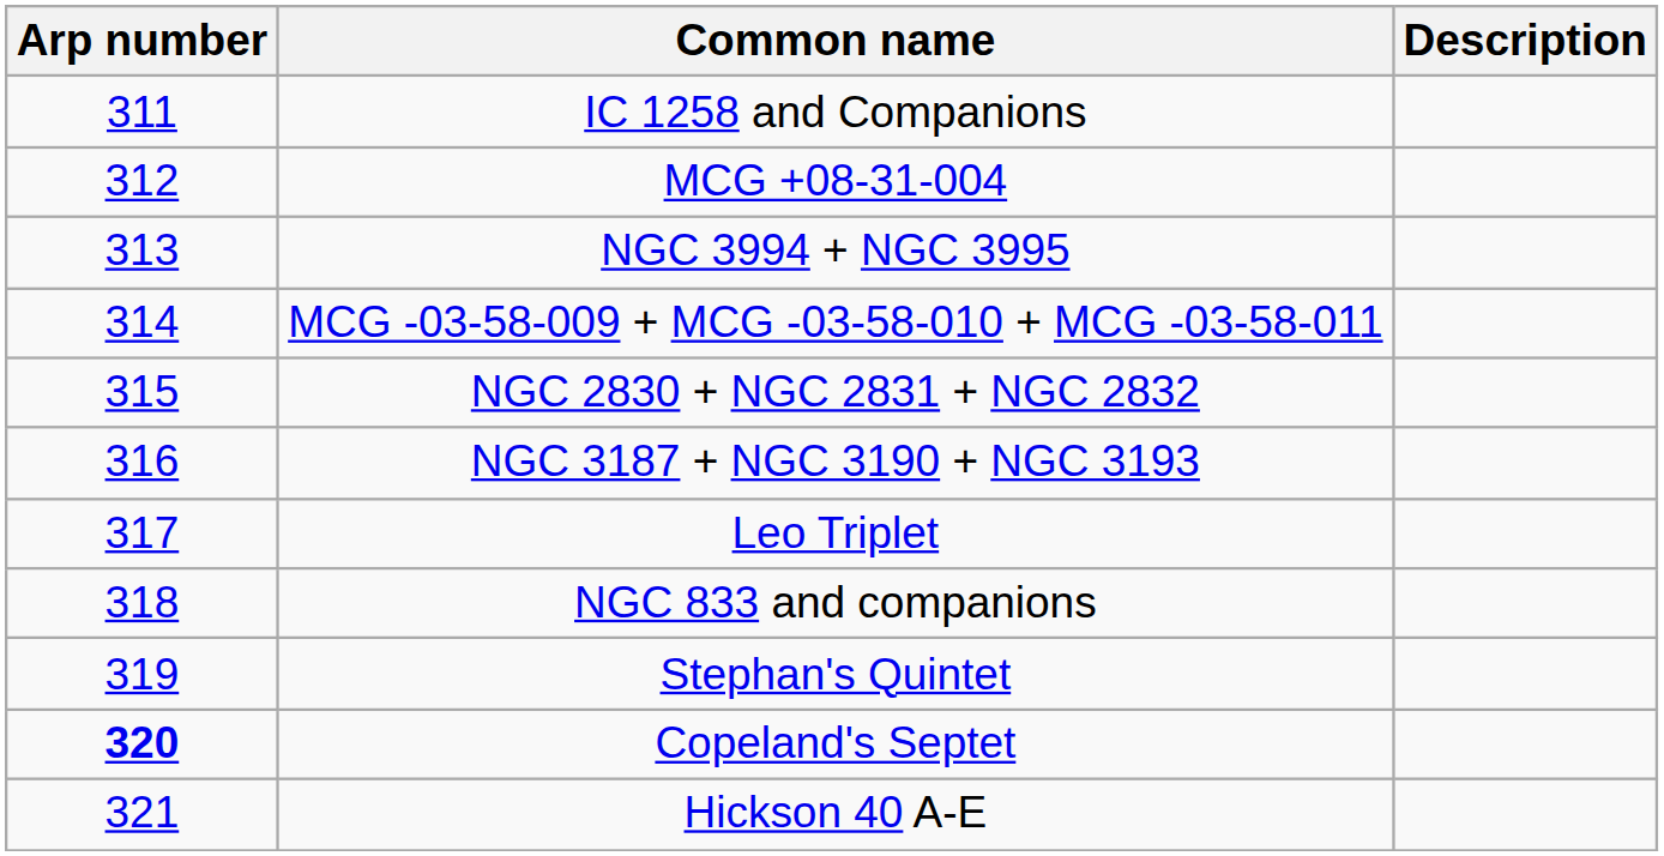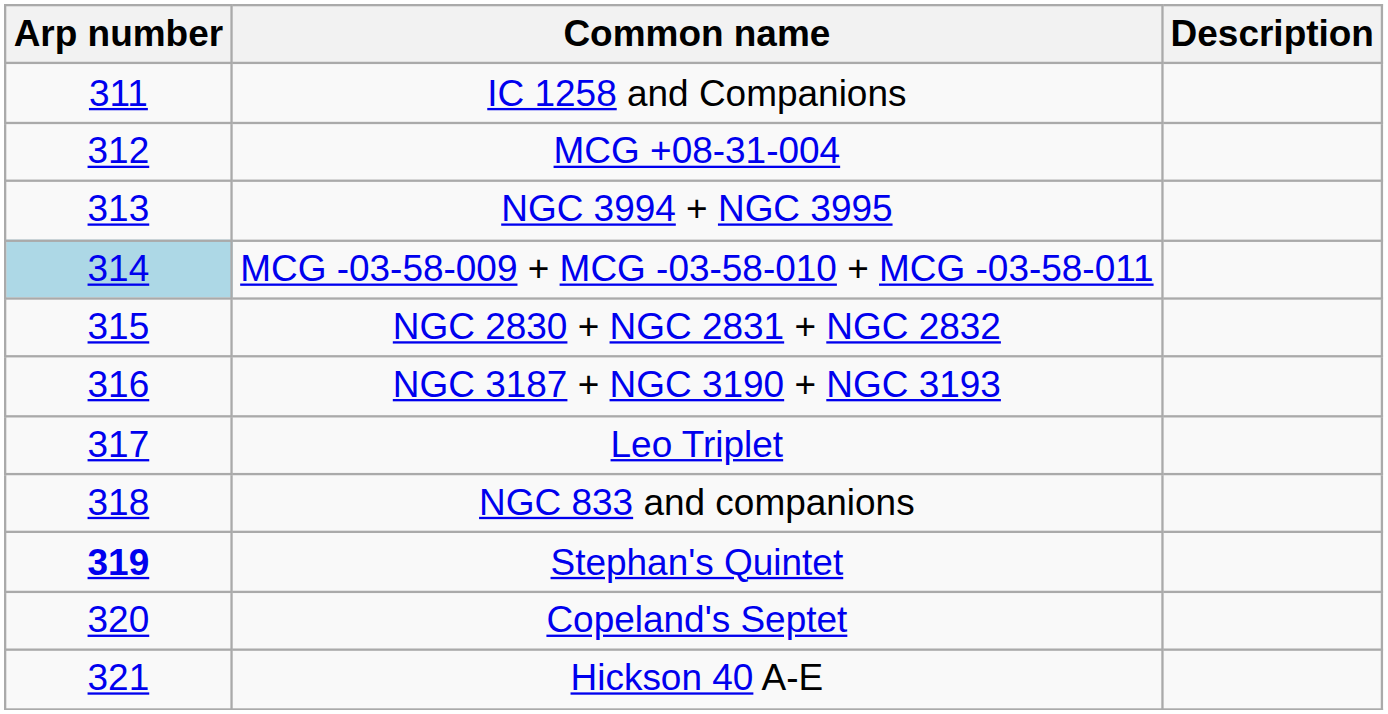 <table class="wikitable" style="text-align:center;">
 <tr>
 <th>Arp number</th>
 <th>Common name</th>
 <th>Description</th>
 </tr>
 <tr>
 <td><a href='#'>311</a></td>
 <td><a href='#'>IC 1258</a> and Companions</td>
 <td></td>
 </tr>
 <tr>
 <td><a href='#'>312</a></td>
 <td><a href='#'>MCG +08-31-004</a></td>
 <td></td>
 </tr>
 <tr>
 <td><a href='#'>313</a></td>
 <td><a href='#'>NGC 3994</a> + <a href='#'>NGC 3995</a></td>
 <td></td>
 </tr>
 <tr>
-<td><a href='#'>314</a></td>
+<td style="background: lightblue;"><a href='#'>314</a></td>
 <td><a href='#'>MCG -03-58-009</a> + <a href='#'>MCG -03-58-010</a> + <a href='#'>MCG -03-58-011</a></td>
 <td></td>
 </tr>
 <tr>
 <td><a href='#'>315</a></td>
 <td><a href='#'>NGC 2830</a> + <a href='#'>NGC 2831</a> + <a href='#'>NGC 2832</a></td>
 <td></td>
 </tr>
 <tr>
 <td><a href='#'>316</a></td>
 <td><a href='#'>NGC 3187</a> + <a href='#'>NGC 3190</a> + <a href='#'>NGC 3193</a></td>
 <td></td>
 </tr>
 <tr>
 <td><a href='#'>317</a></td>
 <td><a href='#'>Leo Triplet</a></td>
 <td></td>
 </tr>
 <tr>
 <td><a href='#'>318</a></td>
 <td><a href='#'>NGC 833</a> and companions</td>
 <td></td>
 </tr>
 <tr>
-<td><a href='#'>319</a></td>
+<td><strong><a href='#'>319</a></strong></td>
 <td><a href='#'>Stephan's Quintet</a></td>
 <td></td>
 </tr>
 <tr>
-<td><strong><a href='#'>320</a></strong></td>
+<td><a href='#'>320</a></td>
 <td><a href='#'>Copeland's Septet</a></td>
 <td></td>
 </tr>
 <tr>
 <td><a href='#'>321</a></td>
 <td><a href='#'>Hickson 40</a> A-E</td>
 <td></td>
 </tr>
 <tr>
 </tr>
 </table>
